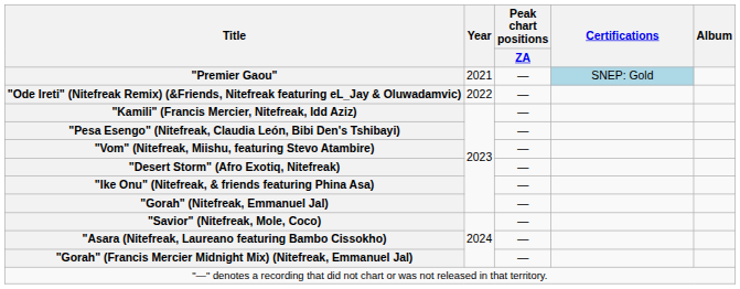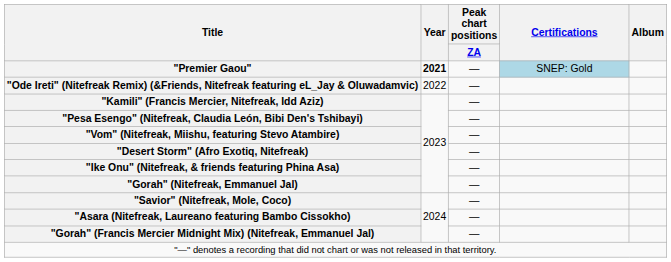 <table class="wikitable plainrowheaders" style="text-align:center;">
 <tr>
 <th scope="col" rowspan="2">Title</th>
 <th scope="col" rowspan="2">Year</th>
 <th scope="col" colspan="1">Peak chart positions</th>
 <th scope="col" rowspan="2" style="width:12em;"><a href='#'>Certifications</a></th>
 <th scope="col" rowspan="2">Album</th>
 </tr>
 <tr>
 <th scope="col" style="width:3em;font-size:100%;"><a href='#'>ZA</a><br></th>
 </tr>
 <tr>
 <th scope="row">"Premier Gaou"</th>
-<td>2021</td>
+<td><strong>2021</strong></td>
 <td>—</td>
 <td style="background: lightblue;">SNEP: Gold</td>
 <td></td>
 </tr>
 <tr>
 <th scope="row">"Ode Ireti" (Nitefreak Remix) (&Friends, Nitefreak featuring eL_Jay & Oluwadamvic)</th>
 <td>2022</td>
 <td>—</td>
 <td></td>
 <td></td>
 </tr>
 <tr>
 <th scope="row">"Kamili" (Francis Mercier, Nitefreak, Idd Aziz)</th>
 <td rowspan=6>2023</td>
 <td>—</td>
 <td></td>
 <td></td>
 </tr>
 <tr>
 <th scope="row">"Pesa Esengo" (Nitefreak, Claudia León, Bibi Den's Tshibayi)</th>
 <td>—</td>
 <td></td>
 <td></td>
 </tr>
 <tr>
 <th scope="row">"Vom" (Nitefreak, Miishu, featuring Stevo Atambire)</th>
 <td>—</td>
 <td></td>
 <td></td>
 </tr>
 <tr>
 <th scope="row">"Desert Storm" (Afro Exotiq, Nitefreak)</th>
 <td>—</td>
 <td></td>
 <td></td>
 </tr>
 <tr>
 <th scope="row">"Ike Onu" (Nitefreak, & friends featuring Phina Asa)</th>
 <td>—</td>
 <td></td>
 <td></td>
 </tr>
 <tr>
 <th scope="row">"Gorah" (Nitefreak, Emmanuel Jal)</th>
 <td>—</td>
 <td></td>
 <td></td>
 </tr>
 <tr>
 <th scope="row">"Savior" (Nitefreak, Mole, Coco)</th>
 <td rowspan=3>2024</td>
 <td>—</td>
 <td></td>
 <td></td>
 </tr>
 <tr>
 <th scope="row">"Asara (Nitefreak, Laureano featuring Bambo Cissokho)</th>
 <td>—</td>
 <td></td>
 <td></td>
 </tr>
 <tr>
 <th scope="row">"Gorah" (Francis Mercier Midnight Mix) (Nitefreak, Emmanuel Jal)</th>
 <td>—</td>
 <td></td>
 <td></td>
 </tr>
 <tr>
 <td colspan="8" style="font-size:90%">"—" denotes a recording that did not chart or was not released in that territory.</td>
 </tr>
 </table>
